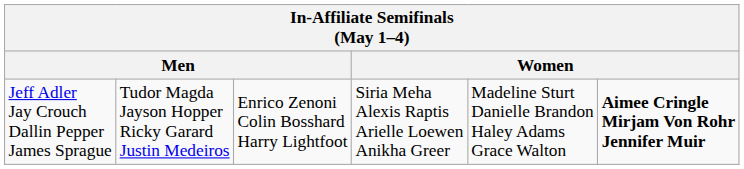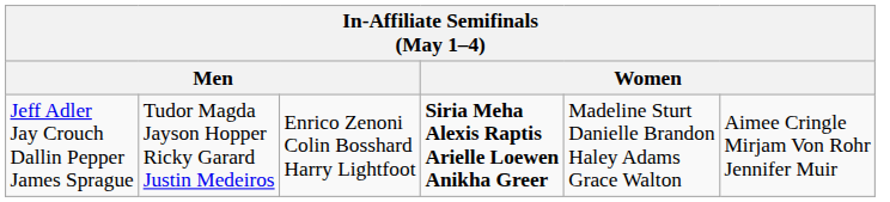 <table class="wikitable">
 <tr>
 <th colspan="6">In-Affiliate Semifinals <br>(May 1–4)</th>
 </tr>
 <tr>
 <th colspan="3">Men</th>
 <th colspan="3">Women</th>
 </tr>
 <tr>
 <td> <a href='#'>Jeff Adler</a><br> Jay Crouch<br> Dallin Pepper<br> James Sprague</td>
 <td> Tudor Magda<br> Jayson Hopper<br> Ricky Garard<br> <a href='#'>Justin Medeiros</a></td>
 <td> Enrico Zenoni<br> Colin Bosshard<br> Harry Lightfoot</td>
-<td> Siria Meha<br> Alexis Raptis<br> Arielle Loewen<br> Anikha Greer</td>
+<td><strong> Siria Meha<br> Alexis Raptis<br> Arielle Loewen<br> Anikha Greer</strong></td>
 <td> Madeline Sturt<br> Danielle Brandon<br> Haley Adams<br> Grace Walton</td>
-<td><strong> Aimee Cringle<br> Mirjam Von Rohr<br> Jennifer Muir</strong></td>
+<td> Aimee Cringle<br> Mirjam Von Rohr<br> Jennifer Muir</td>
 </tr>
 </table>
